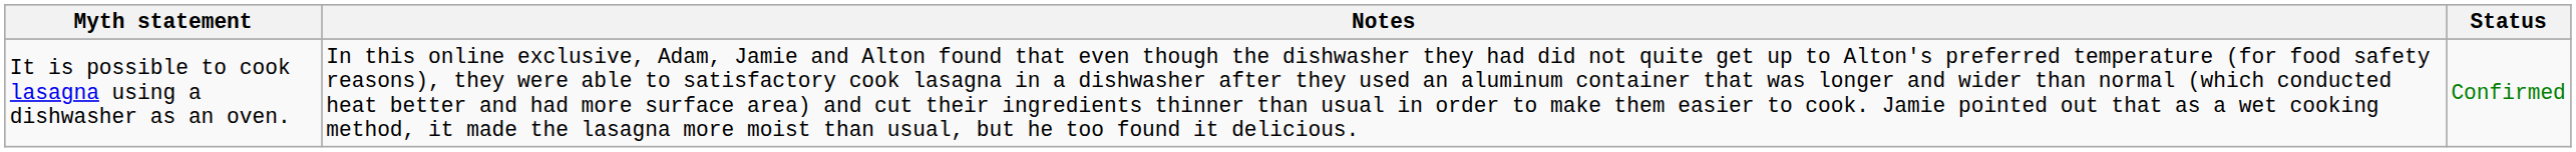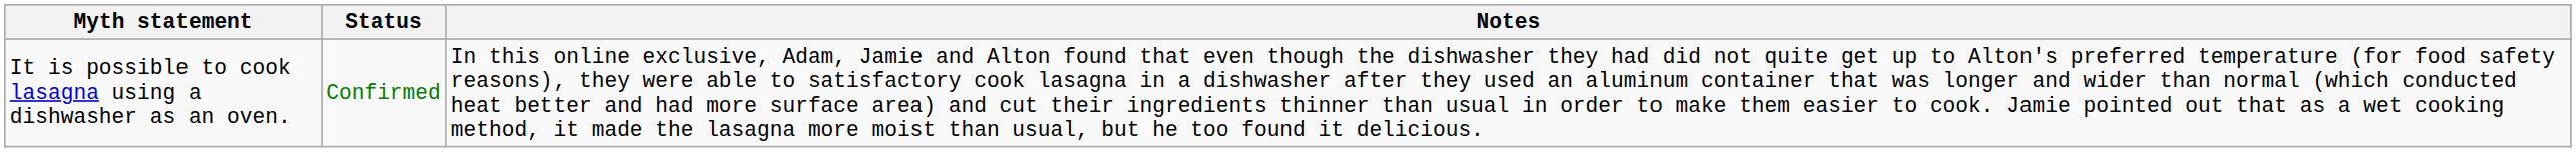 <table class="wikitable plainrowheaders">
 <tr>
 <th>Myth statement</th>
+<th>Status</th>
 <th>Notes</th>
-<th>Status</th>
 </tr>
 <tr>
 <td>It is possible to cook <a href='#'>lasagna</a> using a dishwasher as an oven.</td>
+<td style="color:green">Confirmed</td>
 <td>In this online exclusive, Adam, Jamie and Alton found that even though the dishwasher they had did not quite get up to Alton's preferred temperature (for food safety reasons), they were able to satisfactory cook lasagna in a dishwasher after they used an aluminum container that was longer and wider than normal (which conducted heat better and had more surface area) and cut their ingredients thinner than usual in order to make them easier to cook. Jamie pointed out that as a wet cooking method, it made the lasagna more moist than usual, but he too found it delicious.</td>
-<td style="color:green">Confirmed</td>
 </tr>
 </table>
